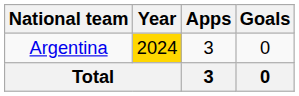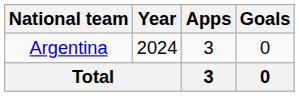 <table class="wikitable" style="text-align:center">
 <tr>
 <th>National team</th>
 <th>Year</th>
 <th>Apps</th>
 <th>Goals</th>
 </tr>
 <tr>
 <td><a href='#'>Argentina</a></td>
-<td style="background: gold;">2024</td>
+<td>2024</td>
 <td>3</td>
 <td>0</td>
 </tr>
 <tr>
 <th colspan="2">Total</th>
 <th>3</th>
 <th>0</th>
 </tr>
 </table>
